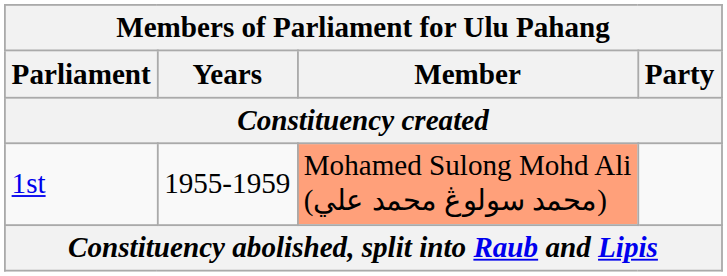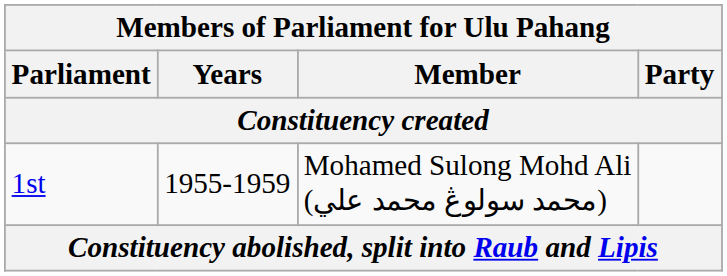 <table class="wikitable">
 <tr>
 <th colspan="4">Members of Parliament for Ulu Pahang</th>
 </tr>
 <tr>
 <th>Parliament</th>
 <th>Years</th>
 <th>Member</th>
 <th>Party</th>
 </tr>
 <tr>
 <th colspan="4"><em>Constituency created</em></th>
 </tr>
 <tr>
 <td><a href='#'>1st</a></td>
 <td>1955-1959</td>
-<td style="background: lightsalmon;">Mohamed Sulong Mohd Ali <br> (محمد سولوڠ محمد علي)</td>
+<td>Mohamed Sulong Mohd Ali <br> (محمد سولوڠ محمد علي)</td>
 <td></td>
 </tr>
 <tr>
 <th colspan="4"><em>Constituency abolished, split into <a href='#'>Raub</a> and <a href='#'>Lipis</a></em></th>
 </tr>
 </table>
